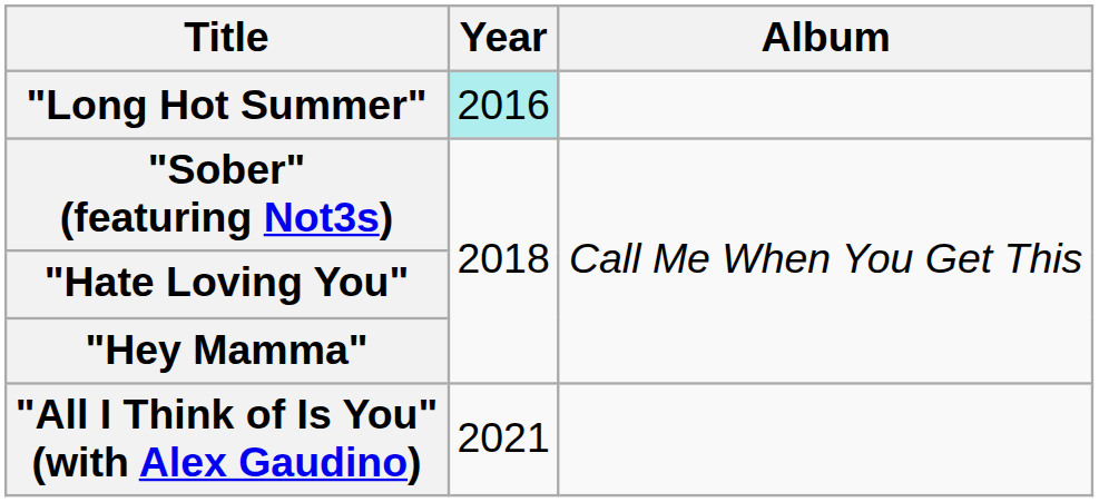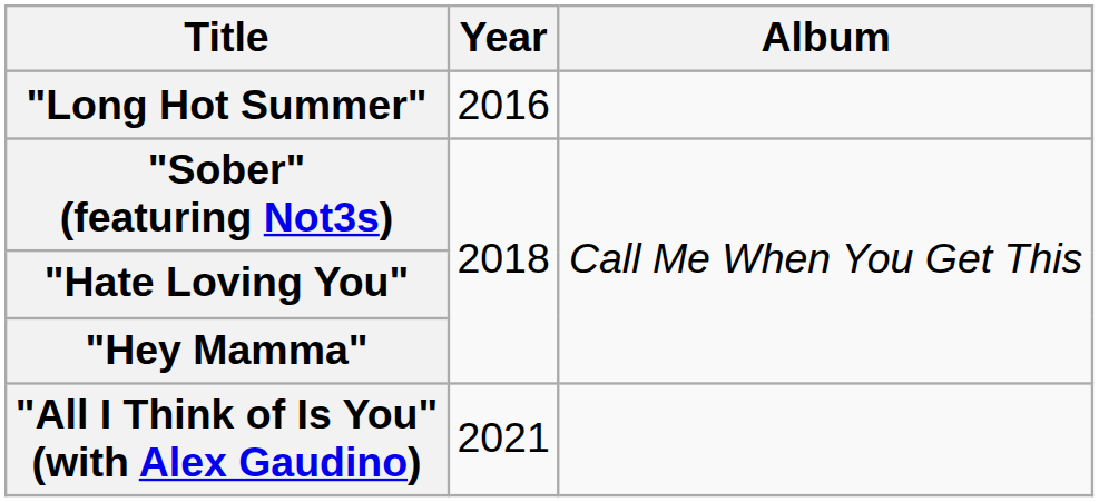 <table class="wikitable plainrowheaders" style="text-align:center;">
 <tr>
 <th scope="col">Title</th>
 <th scope="col">Year</th>
 <th scope="col">Album</th>
 </tr>
 <tr>
 <th scope="row">"Long Hot Summer"</th>
-<td style="background: paleturquoise;">2016</td>
+<td>2016</td>
 <td></td>
 </tr>
 <tr>
 <th scope="row">"Sober"<br><span>(featuring <a href='#'>Not3s</a>)</span></th>
 <td rowspan="3">2018</td>
 <td rowspan="3"><em>Call Me When You Get This</em></td>
 </tr>
 <tr>
 <th scope="row">"Hate Loving You"</th>
 </tr>
 <tr>
 <th scope="row">"Hey Mamma"</th>
 </tr>
 <tr>
 <th scope="row">"All I Think of Is You"<br><span>(with <a href='#'>Alex Gaudino</a>)</span></th>
 <td>2021</td>
 <td></td>
 </tr>
 </table>
